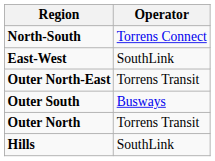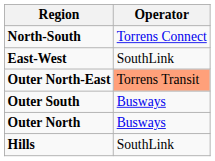 <table class="wikitable">
 <tr>
 <th>Region</th>
 <th>Operator </th>
 </tr>
 <tr>
 <td style="background: #"><strong><span>North-South</span></strong></td>
 <td><a href='#'>Torrens Connect</a></td>
 </tr>
 <tr>
 <td style="background: #"><strong><span>East-West</span></strong></td>
 <td>SouthLink</td>
 </tr>
 <tr>
 <td style="background: #"><strong><span>Outer North-East</span></strong></td>
-<td>Torrens Transit</td>
+<td style="background: lightsalmon;">Torrens Transit</td>
 </tr>
 <tr>
 <td style="background: #"><strong><span>Outer South</span></strong></td>
 <td><a href='#'>Busways</a></td>
 </tr>
 <tr>
 <td style="background: #"><strong><span>Outer North</span></strong></td>
-<td>Torrens Transit</td>
+<td><a href='#'>Busways</a></td>
 </tr>
 <tr>
 <td style="background: #"><strong><span>Hills</span></strong></td>
 <td>SouthLink</td>
 </tr>
 </table>
